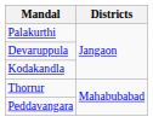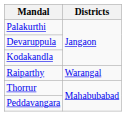 <table class="wikitable sortable static-row-numbers static-row-header-hash">
 <tr>
 <th>Mandal</th>
 <th>Districts</th>
 </tr>
 <tr>
 <td><a href='#'>Palakurthi</a></td>
 <td rowspan=3><a href='#'>Jangaon</a></td>
 </tr>
 <tr>
 <td><a href='#'>Devaruppula</a></td>
 </tr>
 <tr>
 <td><a href='#'>Kodakandla</a></td>
 </tr>
 <tr>
+<td><a href='#'>Raiparthy</a></td>
+<td><a href='#'>Warangal</a></td>
+</tr>
+<tr>
 <td><a href='#'>Thorrur</a></td>
 <td rowspan=2><a href='#'>Mahabubabad</a></td>
 </tr>
 <tr>
 <td><a href='#'>Peddavangara</a></td>
 </tr>
 </table>
